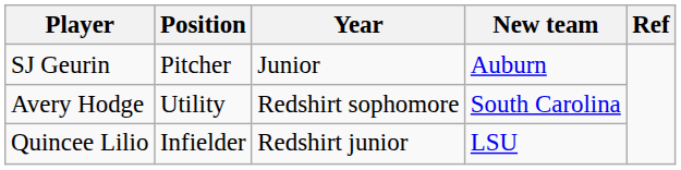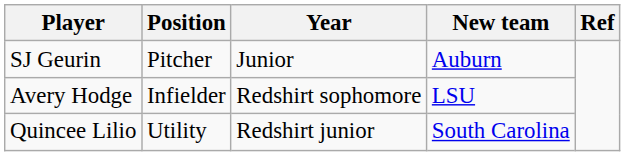 <table class="wikitable sortable">
 <tr>
 <th style="text-align:center; ">Player</th>
 <th style="text-align:center; ">Position</th>
 <th style="text-align:center; ">Year</th>
 <th style="text-align:center; ">New team</th>
 <th style="text-align:center; ">Ref</th>
 </tr>
 <tr>
 <td>SJ Geurin</td>
 <td>Pitcher</td>
 <td>Junior</td>
 <td><a href='#'>Auburn</a></td>
 <td rowspan="3"></td>
 </tr>
 <tr>
 <td>Avery Hodge</td>
-<td>Utility</td>
+<td>Infielder</td>
 <td> Redshirt sophomore</td>
-<td><a href='#'>South Carolina</a></td>
+<td><a href='#'>LSU</a></td>
 </tr>
 <tr>
 <td>Quincee Lilio</td>
-<td>Infielder</td>
+<td>Utility</td>
 <td> Redshirt junior</td>
-<td><a href='#'>LSU</a></td>
+<td><a href='#'>South Carolina</a></td>
 </tr>
 </table>
